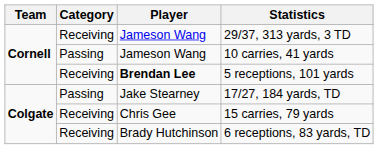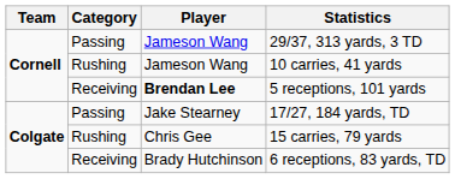 <table class="wikitable" style="float: right;">
 <tr>
 <th>Team</th>
 <th>Category</th>
 <th>Player</th>
 <th>Statistics</th>
 </tr>
 <tr>
 <td rowspan=3><strong>Cornell</strong></td>
-<td>Receiving</td>
+<td>Passing</td>
 <td><a href='#'>Jameson Wang</a></td>
 <td>29/37, 313 yards, 3 TD</td>
 </tr>
 <tr>
-<td>Passing</td>
+<td>Rushing</td>
 <td>Jameson Wang</td>
 <td>10 carries, 41 yards</td>
 </tr>
 <tr>
 <td>Receiving</td>
 <td><strong>Brendan Lee</strong></td>
 <td>5 receptions, 101 yards</td>
 </tr>
 <tr>
 <td rowspan=3><strong>Colgate</strong></td>
 <td>Passing</td>
 <td>Jake Stearney</td>
 <td>17/27, 184 yards, TD</td>
 </tr>
 <tr>
-<td>Receiving</td>
+<td>Rushing</td>
 <td>Chris Gee</td>
 <td>15 carries, 79 yards</td>
 </tr>
 <tr>
 <td>Receiving</td>
 <td>Brady Hutchinson</td>
 <td>6 receptions, 83 yards, TD</td>
 </tr>
 </table>
